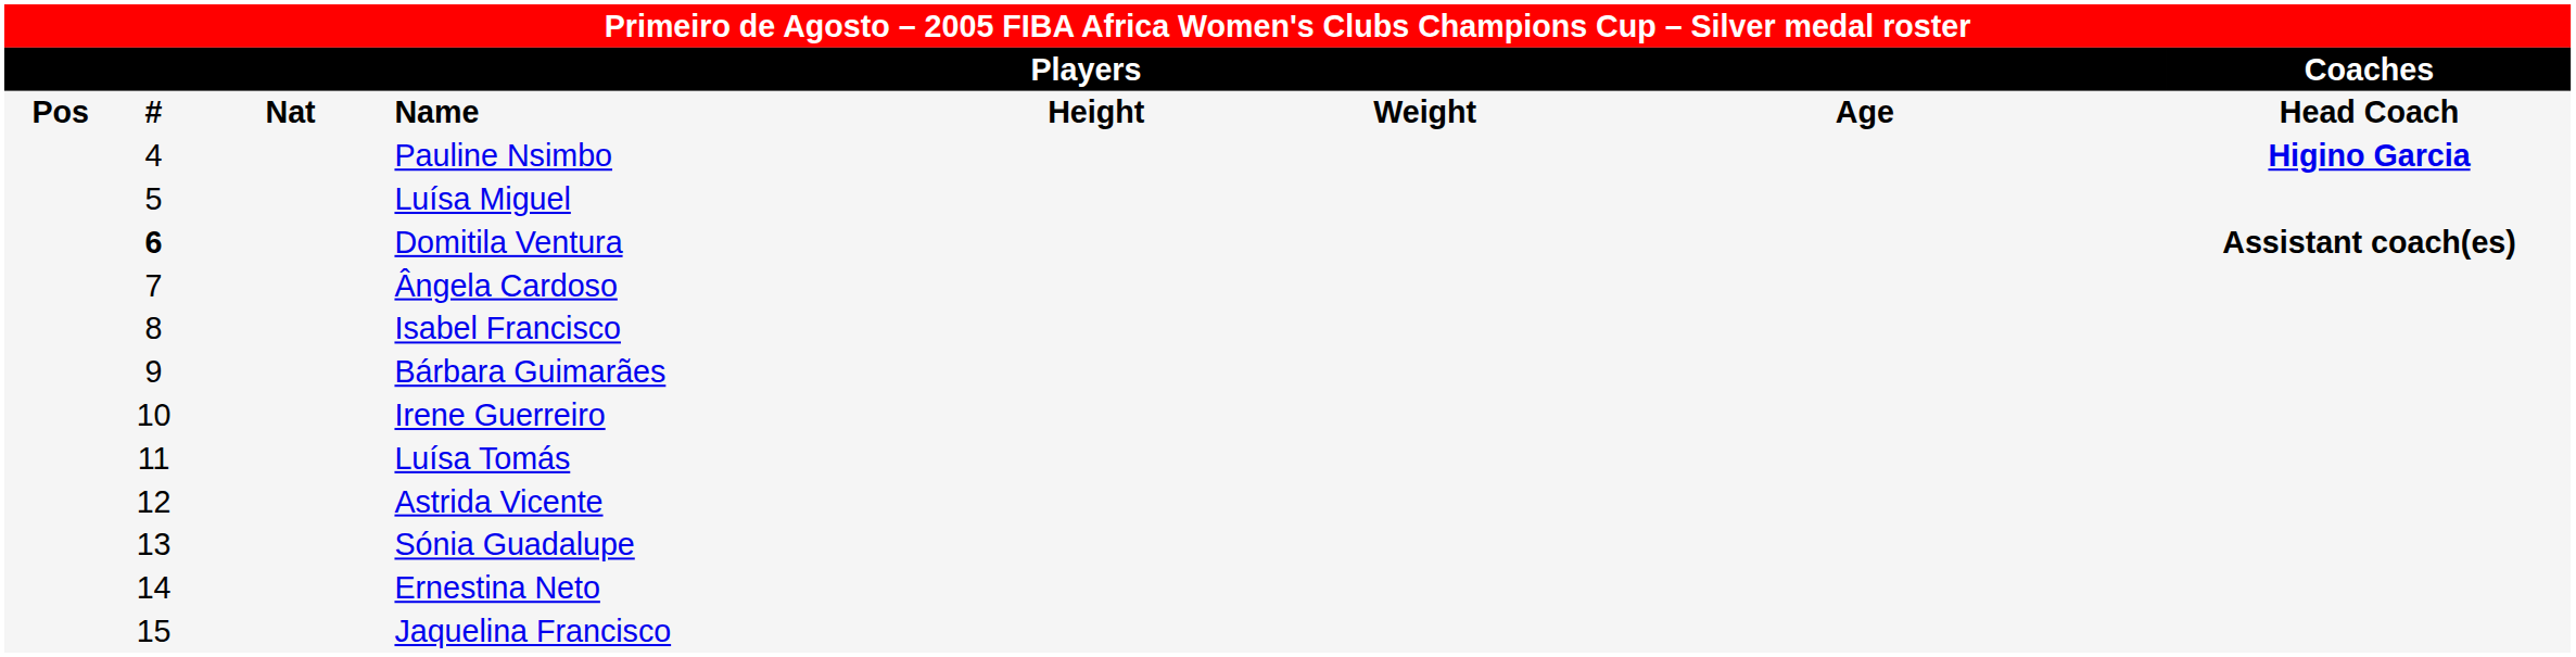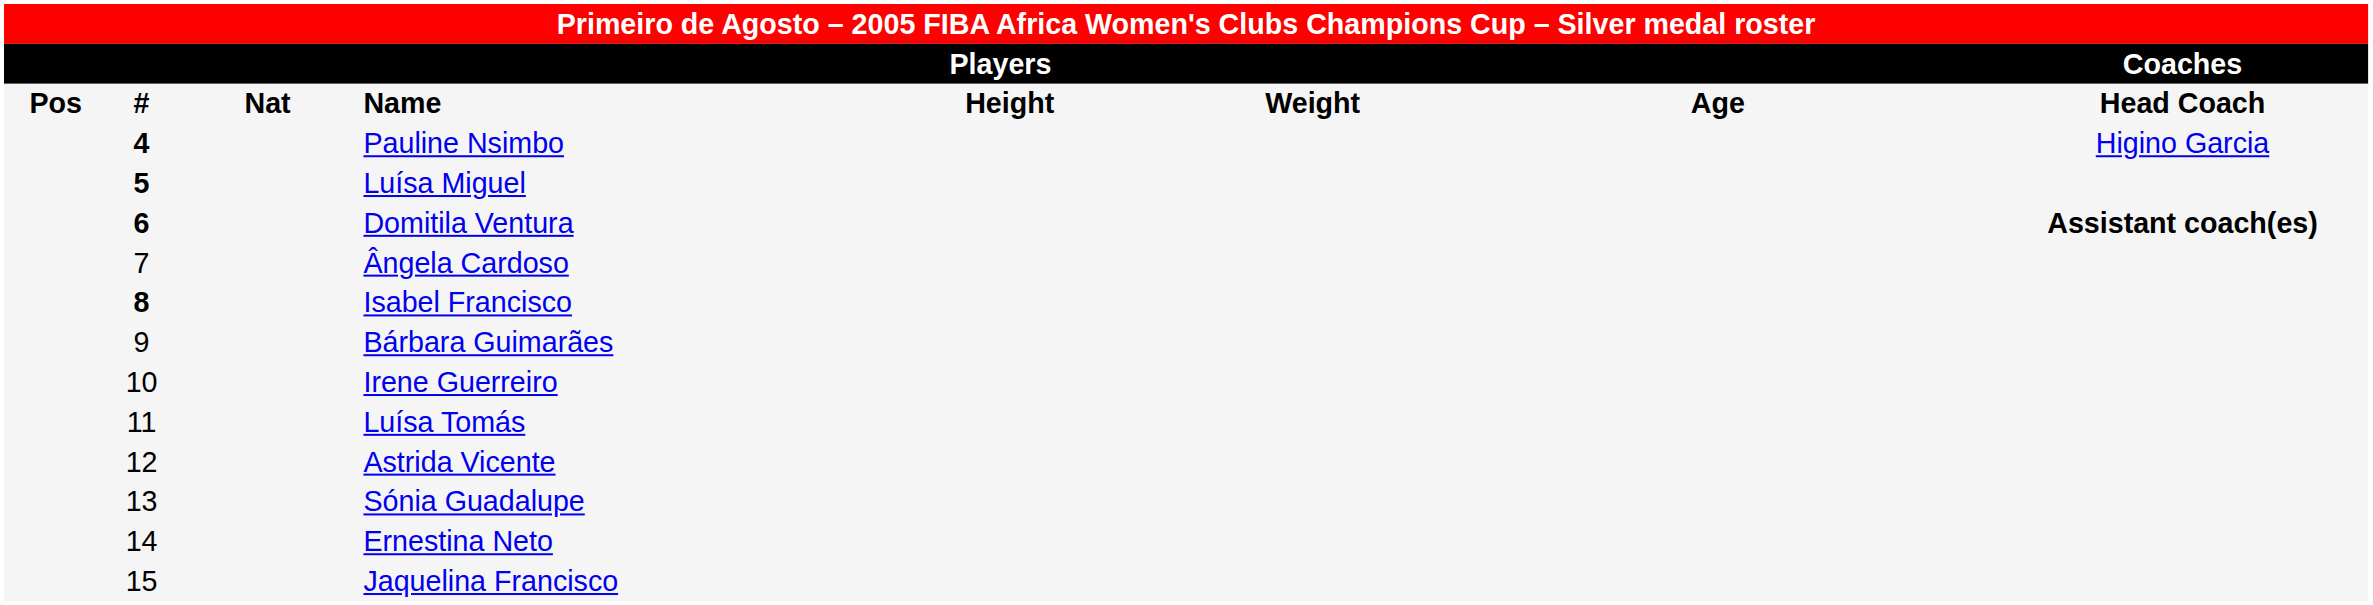 <table border=0 cellpadding=2 cellspacing=0  |- bgcolor=#f5f5f5 style="text-align:center; font-size:90%;" width=75%>
 <tr>
 <td colspan="8" style="background: red; color: white"><strong>Primeiro de Agosto – 2005 FIBA Africa Women's Clubs Champions Cup – Silver medal roster</strong></td>
 </tr>
 <tr>
 <td colspan="7" style="background: black; color: white"><strong>Players</strong></td>
 <td style="background: black; color: white"><strong>Coaches</strong></td>
 </tr>
 <tr style="background=#f5f5f5; color: black">
 <th width=5px>Pos</th>
 <th width=5px>#</th>
 <th width=50px>Nat</th>
 <th width=135px align=left>Name</th>
 <th width=100px>Height</th>
 <th width=70px>Weight</th>
 <th width=160px>Age</th>
 <th width=105px>Head Coach</th>
 </tr>
 <tr>
 <td></td>
-<td>4</td>
+<td><strong>4</strong></td>
 <td></td>
 <td align=left><a href='#'>Pauline Nsimbo</a></td>
 <td></td>
 <td></td>
 <td><span></span></td>
-<td><strong> <a href='#'>Higino Garcia</a></strong></td>
+<td> <a href='#'>Higino Garcia</a></td>
 </tr>
 <tr>
 <td></td>
-<td>5</td>
+<td><strong>5</strong></td>
 <td></td>
 <td align=left><a href='#'>Luísa Miguel</a></td>
 <td></td>
 <td></td>
 <td><span></span></td>
 </tr>
 <tr>
 <td></td>
 <td><strong>6</strong></td>
 <td></td>
 <td align=left><a href='#'>Domitila Ventura</a></td>
 <td></td>
 <td></td>
 <td><span></span></td>
 <td><strong>Assistant coach(es)</strong></td>
 </tr>
 <tr>
 <td></td>
 <td>7</td>
 <td></td>
 <td align=left><a href='#'>Ângela Cardoso</a></td>
 <td></td>
 <td></td>
 <td><span></span></td>
 <td></td>
 </tr>
 <tr>
 <td></td>
-<td>8</td>
+<td><strong>8</strong></td>
 <td></td>
 <td align=left><a href='#'>Isabel Francisco</a></td>
 <td></td>
 <td></td>
 <td><span></span></td>
 <td></td>
 </tr>
 <tr>
 <td></td>
 <td>9</td>
 <td></td>
 <td align=left><a href='#'>Bárbara Guimarães</a></td>
 <td></td>
 <td></td>
 <td><span></span></td>
 </tr>
 <tr>
 <td></td>
 <td>10</td>
 <td></td>
 <td align=left><a href='#'>Irene Guerreiro</a></td>
 <td></td>
 <td></td>
 <td><span></span></td>
 </tr>
 <tr>
 <td></td>
 <td>11</td>
 <td></td>
 <td align=left><a href='#'>Luísa Tomás</a></td>
 <td></td>
 <td></td>
 <td><span></span></td>
 </tr>
 <tr>
 <td></td>
 <td>12</td>
 <td></td>
 <td align=left><a href='#'>Astrida Vicente</a></td>
 <td></td>
 <td></td>
 <td><span></span></td>
 </tr>
 <tr>
 <td></td>
 <td>13</td>
 <td></td>
 <td align=left><a href='#'>Sónia Guadalupe</a></td>
 <td></td>
 <td></td>
 <td><span></span></td>
 </tr>
 <tr>
 <td></td>
 <td>14</td>
 <td></td>
 <td align=left><a href='#'>Ernestina Neto</a></td>
 <td></td>
 <td></td>
 <td><span></span></td>
 </tr>
 <tr>
 <td></td>
 <td>15</td>
 <td></td>
 <td align=left><a href='#'>Jaquelina Francisco</a></td>
 <td></td>
 <td></td>
 <td><span></span></td>
 </tr>
 </table>
